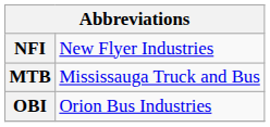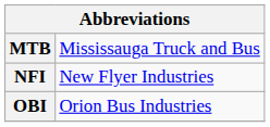 <table class="wikitable">
 <tr>
 <th colspan=2>Abbreviations</th>
 </tr>
 <tr>
+<th>MTB</th>
+<td><a href='#'>Mississauga Truck and Bus</a></td>
+</tr>
+<tr>
 <th>NFI</th>
 <td><a href='#'>New Flyer Industries</a></td>
-</tr>
-<tr>
-<th>MTB</th>
-<td><a href='#'>Mississauga Truck and Bus</a></td>
 </tr>
 <tr>
 <th>OBI</th>
 <td><a href='#'>Orion Bus Industries</a></td>
 </tr>
 <tr>
 </tr>
 </table>
